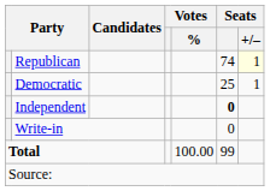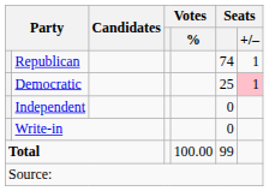 <table class="wikitable">
 <tr>
 <th colspan="2" rowspan="2">Party</th>
 <th rowspan="2">Candidates</th>
 <th colspan="2">Votes</th>
 <th colspan="4">Seats</th>
 </tr>
 <tr>
 <th></th>
 <th>%</th>
 <th></th>
 <th>+/–</th>
 </tr>
 <tr>
 <th style="background-color:"></th>
 <td><a href='#'>Republican</a></td>
 <td align="right"></td>
 <td align="right"></td>
 <td align="right"></td>
 <td align="right">74</td>
-<td align="right" style="background: lightyellow;"> 1</td>
+<td align="right"> 1</td>
 </tr>
 <tr>
 <th style="background-color:"></th>
 <td><a href='#'>Democratic</a></td>
 <td align="right"></td>
 <td align="right"></td>
 <td align="right"></td>
 <td align="right">25</td>
-<td align="right"> 1</td>
+<td align="right" style="background: pink;"> 1</td>
 </tr>
 <tr>
 <th style="background-color:"></th>
 <td><a href='#'>Independent</a></td>
 <td align="right"></td>
 <td align="right"></td>
 <td align="right"></td>
-<td align="right"><strong>0</strong></td>
+<td align="right">0</td>
 <td align="right"></td>
 </tr>
 <tr>
 <th style="background-color:"></th>
 <td colspan="2" align="left"><a href='#'>Write-in</a></td>
 <td align="right"></td>
 <td align="right"></td>
 <td align="right">0</td>
 <td align="right"></td>
 </tr>
 <tr>
 <td colspan="3" align="left"><strong>Total</strong></td>
 <td align="right"></td>
 <td align="right">100.00</td>
 <td align="right">99</td>
 <td align="right"></td>
 </tr>
 <tr>
 <td colspan="10">Source: </td>
 </tr>
 </table>
